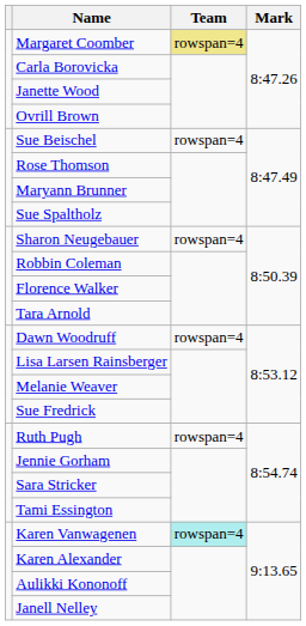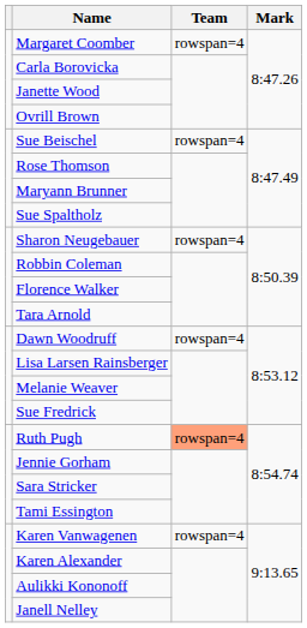 <table class=wikitable>
 <tr>
 <th></th>
 <th>Name</th>
 <th>Team</th>
 <th>Mark</th>
 </tr>
 <tr>
 <td rowspan=4></td>
 <td><a href='#'>Margaret Coomber</a></td>
-<td style="background: khaki;">rowspan=4 </td>
+<td>rowspan=4 </td>
 <td rowspan=4>8:47.26</td>
 </tr>
 <tr>
 <td><a href='#'>Carla Borovicka</a></td>
 </tr>
 <tr>
 <td><a href='#'>Janette Wood</a></td>
 </tr>
 <tr>
 <td><a href='#'>Ovrill Brown</a></td>
 </tr>
 <tr>
 <td rowspan=4></td>
 <td><a href='#'>Sue Beischel</a></td>
 <td>rowspan=4 </td>
 <td rowspan=4>8:47.49</td>
 </tr>
 <tr>
 <td><a href='#'>Rose Thomson</a></td>
 </tr>
 <tr>
 <td><a href='#'>Maryann Brunner</a></td>
 </tr>
 <tr>
 <td><a href='#'>Sue Spaltholz</a></td>
 </tr>
 <tr>
 <td rowspan=4></td>
 <td><a href='#'>Sharon Neugebauer</a></td>
 <td>rowspan=4 </td>
 <td rowspan=4>8:50.39</td>
 </tr>
 <tr>
 <td><a href='#'>Robbin Coleman</a></td>
 </tr>
 <tr>
 <td><a href='#'>Florence Walker</a></td>
 </tr>
 <tr>
 <td><a href='#'>Tara Arnold</a></td>
 </tr>
 <tr>
 <td rowspan=4></td>
 <td><a href='#'>Dawn Woodruff</a></td>
 <td>rowspan=4 </td>
 <td rowspan=4>8:53.12</td>
 </tr>
 <tr>
 <td><a href='#'>Lisa Larsen Rainsberger</a></td>
 </tr>
 <tr>
 <td><a href='#'>Melanie Weaver</a></td>
 </tr>
 <tr>
 <td><a href='#'>Sue Fredrick</a></td>
 </tr>
 <tr>
 <td rowspan=4></td>
 <td><a href='#'>Ruth Pugh</a></td>
-<td>rowspan=4 </td>
+<td style="background: lightsalmon;">rowspan=4 </td>
 <td rowspan=4>8:54.74</td>
 </tr>
 <tr>
 <td><a href='#'>Jennie Gorham</a></td>
 </tr>
 <tr>
 <td><a href='#'>Sara Stricker</a></td>
 </tr>
 <tr>
 <td><a href='#'>Tami Essington</a></td>
 </tr>
 <tr>
 <td rowspan=4></td>
 <td><a href='#'>Karen Vanwagenen</a></td>
-<td style="background: paleturquoise;">rowspan=4 </td>
+<td>rowspan=4 </td>
 <td rowspan=4>9:13.65</td>
 </tr>
 <tr>
 <td><a href='#'>Karen Alexander</a></td>
 </tr>
 <tr>
 <td><a href='#'>Aulikki Kononoff</a></td>
 </tr>
 <tr>
 <td><a href='#'>Janell Nelley</a></td>
 </tr>
 </table>
